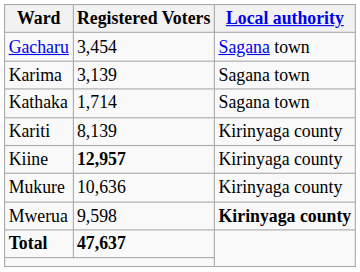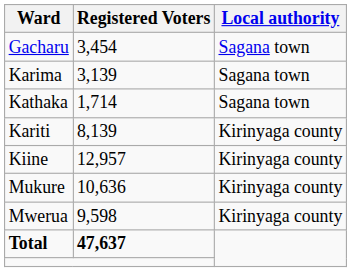 <table class="wikitable">
 <tr>
 <th>Ward</th>
 <th>Registered Voters</th>
 <th><a href='#'>Local authority</a></th>
 </tr>
 <tr>
 <td><a href='#'>Gacharu</a></td>
 <td>3,454</td>
 <td><a href='#'>Sagana</a> town</td>
 </tr>
 <tr>
 <td>Karima</td>
 <td>3,139</td>
 <td>Sagana town</td>
 </tr>
 <tr>
 <td>Kathaka</td>
 <td>1,714</td>
 <td>Sagana town</td>
 </tr>
 <tr>
 <td>Kariti</td>
 <td>8,139</td>
 <td>Kirinyaga county</td>
 </tr>
 <tr>
 <td>Kiine</td>
-<td><strong>12,957</strong></td>
+<td>12,957</td>
 <td>Kirinyaga county</td>
 </tr>
 <tr>
 <td>Mukure</td>
 <td>10,636</td>
 <td>Kirinyaga county</td>
 </tr>
 <tr>
 <td>Mwerua</td>
 <td>9,598</td>
-<td><strong>Kirinyaga county</strong></td>
+<td>Kirinyaga county</td>
 </tr>
 <tr>
 <td><strong>Total</strong></td>
 <td><strong>47,637</strong></td>
 </tr>
 <tr>
 <td colspan="2"></td>
 </tr>
 </table>
